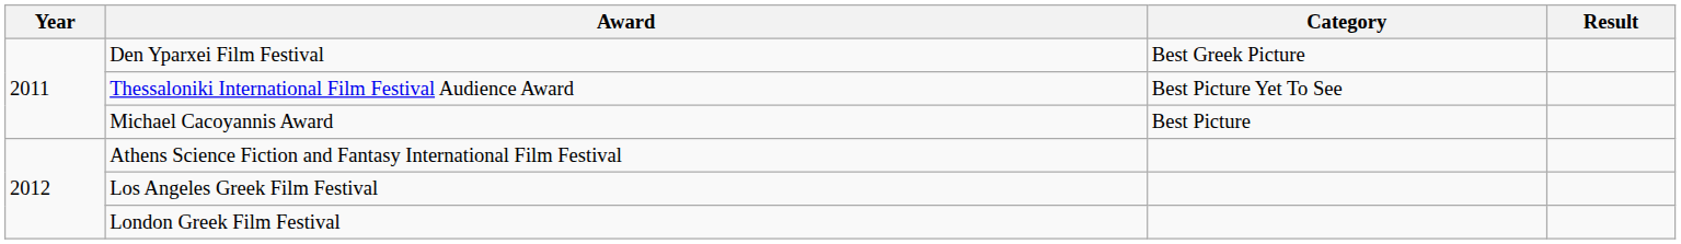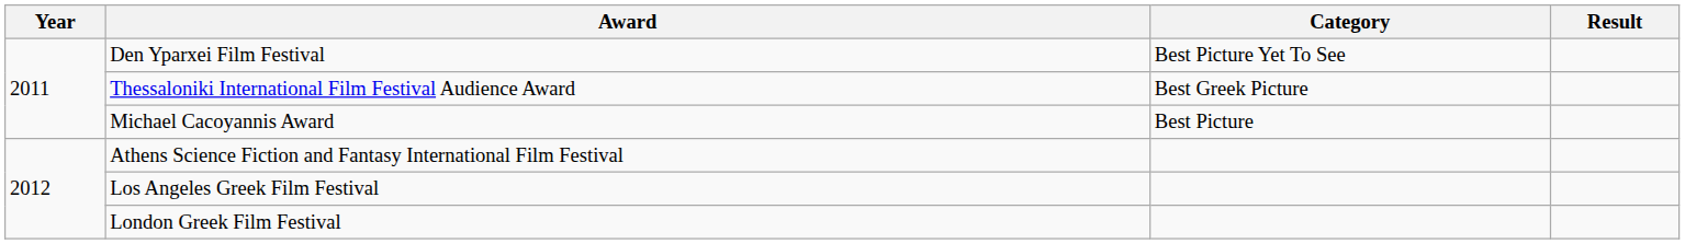 <table class="wikitable sortable"  style="font-size:95%; width:99%;">
 <tr style="text-align:center;">
 <th>Year</th>
 <th>Award</th>
 <th>Category</th>
 <th>Result</th>
 </tr>
 <tr>
 <td rowspan="3">2011</td>
 <td>Den Yparxei Film Festival</td>
-<td>Best Greek Picture</td>
+<td>Best Picture Yet To See</td>
 <td></td>
 </tr>
 <tr>
 <td><a href='#'>Thessaloniki International Film Festival</a> Audience Award</td>
-<td>Best Picture Yet To See</td>
+<td>Best Greek Picture</td>
 <td></td>
 </tr>
 <tr>
 <td>Michael Cacoyannis Award</td>
 <td>Best Picture</td>
 <td></td>
 </tr>
 <tr>
 <td rowspan="3">2012</td>
 <td>Athens Science Fiction and Fantasy International Film Festival</td>
 <td></td>
 <td></td>
 </tr>
 <tr>
 <td>Los Angeles Greek Film Festival</td>
 <td></td>
 <td></td>
 </tr>
 <tr>
 <td>London Greek Film Festival</td>
 <td></td>
 <td></td>
 </tr>
 </table>
